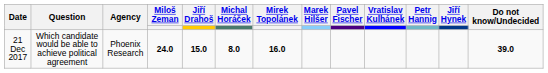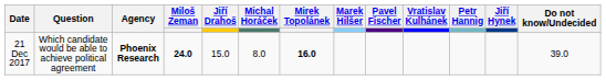 <table class="wikitable" style=text-align:center;font-size:85%;line-height:14px;">
 <tr>
 <th rowspan="2">Date</th>
 <th rowspan="2">Question</th>
 <th rowspan="2">Agency</th>
 <th><a href='#'>Miloš Zeman</a></th>
 <th><a href='#'>Jiří Drahoš</a></th>
 <th><a href='#'>Michal Horáček</a></th>
 <th><a href='#'>Mirek Topolánek</a></th>
 <th><a href='#'>Marek Hilšer</a></th>
 <th><a href='#'>Pavel Fischer</a></th>
 <th><a href='#'>Vratislav Kulhánek</a></th>
 <th><a href='#'>Petr Hannig</a></th>
 <th><a href='#'>Jiří Hynek</a></th>
 <th rowspan="2">Do not know/Undecided</th>
 </tr>
 <tr>
 <th style="background:"></th>
 <th style="background:#FFCB03; width:40px;"></th>
 <th style="background:#49796B; width:40px;"></th>
 <th style="background:"></th>
 <th style="background:#87CEFA; width:40px;"></th>
 <th style="background:#4b0082; width:40px;"></th>
 <th style="background:#0000FF; width:40px;"></th>
 <th style="background:#6FB7C5; width:40px;"></th>
 <th style="background:#013888; width:40px;"></th>
 </tr>
 <tr>
 <td>21 Dec 2017</td>
 <td>Which candidate would be able to achieve political agreement</td>
-<td>Phoenix Research</td>
+<td><strong>Phoenix Research</strong></td>
 <td><strong>24.0</strong></td>
-<td><strong>15.0</strong></td>
-<td><strong>8.0</strong></td>
+<td>15.0</td>
+<td>8.0</td>
 <td><strong>16.0</strong></td>
 <td></td>
 <td></td>
 <td></td>
 <td></td>
 <td></td>
-<td><strong>39.0</strong></td>
+<td>39.0</td>
 </tr>
 </table>
